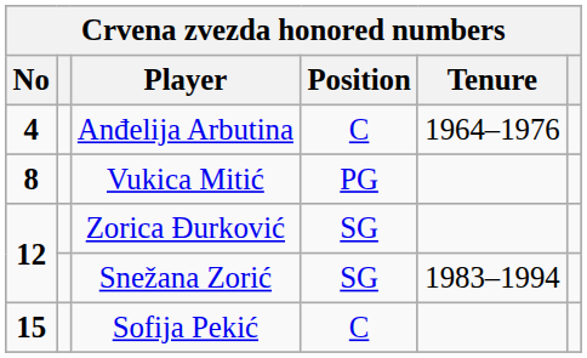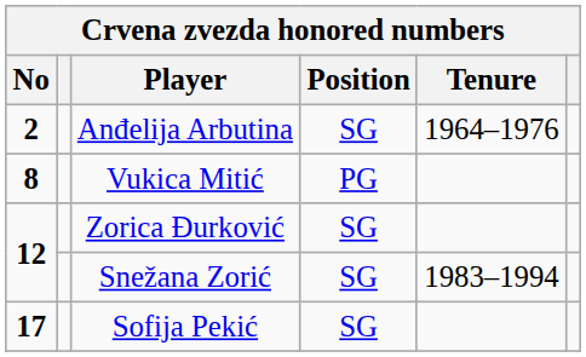 <table class="wikitable sortable" style="text-align:center; font-size:95%;">
 <tr>
 <th colspan=6>Crvena zvezda honored numbers</th>
 </tr>
 <tr>
 <th>No</th>
 <th></th>
 <th>Player</th>
 <th>Position</th>
 <th>Tenure</th>
 <th></th>
 </tr>
 <tr>
-<td><strong>4</strong></td>
+<td><strong>2</strong></td>
 <td></td>
 <td><a href='#'>Anđelija Arbutina</a></td>
-<td><a href='#'>C</a></td>
+<td><a href='#'>SG</a></td>
 <td>1964–1976</td>
 <td></td>
 </tr>
 <tr>
 <td><strong>8</strong></td>
 <td></td>
 <td><a href='#'>Vukica Mitić</a></td>
 <td><a href='#'>PG</a></td>
 <td></td>
 <td></td>
 </tr>
 <tr>
 <td rowspan=2><strong>12</strong></td>
 <td></td>
 <td><a href='#'>Zorica Ðurković</a></td>
 <td><a href='#'>SG</a></td>
 <td></td>
 <td></td>
 </tr>
 <tr>
 <td></td>
 <td><a href='#'>Snežana Zorić</a></td>
 <td><a href='#'>SG</a></td>
 <td>1983–1994</td>
 <td></td>
 </tr>
 <tr>
-<td><strong>15</strong></td>
+<td><strong>17</strong></td>
 <td></td>
 <td><a href='#'>Sofija Pekić</a></td>
-<td><a href='#'>C</a></td>
+<td><a href='#'>SG</a></td>
 <td></td>
 <td></td>
 </tr>
 </table>
